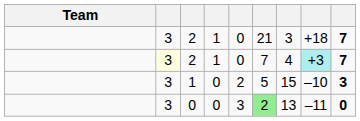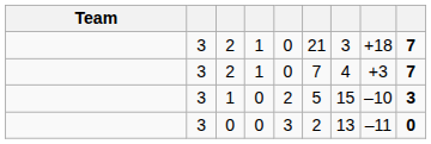 <table class="wikitable" style="text-align: center;">
 <tr>
 <th width="165">Team</th>
 <th width="20"></th>
 <th width="20"></th>
 <th width="20"></th>
 <th width="20"></th>
 <th width="20"></th>
 <th width="20"></th>
 <th width="20"></th>
 <th width="20"></th>
 </tr>
 <tr>
 <td align=left></td>
 <td>3</td>
 <td>2</td>
 <td>1</td>
 <td>0</td>
 <td>21</td>
 <td>3</td>
 <td>+18</td>
 <td><strong>7</strong></td>
 </tr>
 <tr>
 <td align=left></td>
-<td style="background: lightyellow;">3</td>
+<td>3</td>
 <td>2</td>
 <td>1</td>
 <td>0</td>
 <td>7</td>
 <td>4</td>
-<td style="background: paleturquoise;">+3</td>
+<td>+3</td>
 <td><strong>7</strong></td>
 </tr>
 <tr>
 <td align=left></td>
 <td>3</td>
 <td>1</td>
 <td>0</td>
 <td>2</td>
 <td>5</td>
 <td>15</td>
 <td>–10</td>
 <td><strong>3</strong></td>
 </tr>
 <tr>
 <td align=left></td>
 <td>3</td>
 <td>0</td>
 <td>0</td>
 <td>3</td>
-<td style="background: lightgreen;">2</td>
+<td>2</td>
 <td>13</td>
 <td>–11</td>
 <td><strong>0</strong></td>
 </tr>
 </table>
